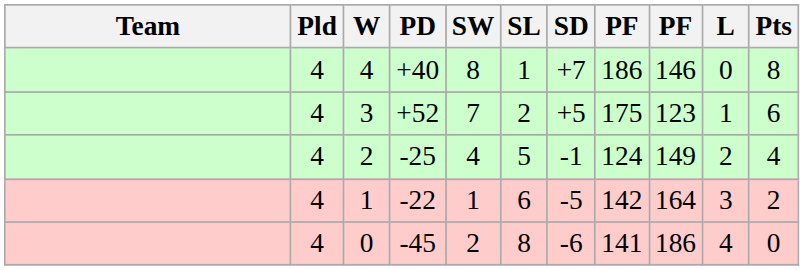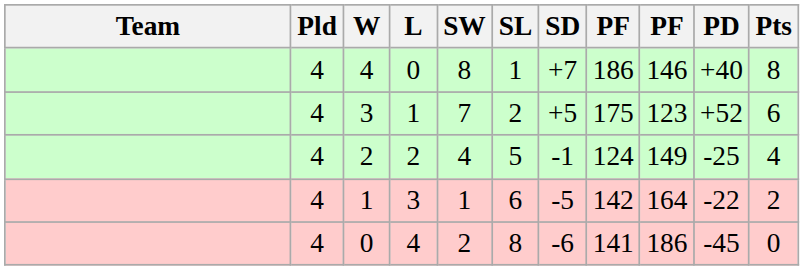 <table class="wikitable" style="text-align:center">
 <tr>
 <th width="160">Team</th>
 <th width="20">Pld</th>
 <th width="20">W</th>
-<th width="20">PD</th>
+<th width="20">L</th>
 <th width="20">SW</th>
 <th width="20">SL</th>
 <th width="20">SD</th>
 <th width="20">PF</th>
 <th width="20">PF</th>
-<th width="20">L</th>
+<th width="20">PD</th>
 <th width="20">Pts</th>
 </tr>
 <tr bgcolor="ccffcc">
 <td align="left"></td>
 <td>4</td>
 <td>4</td>
-<td>+40</td>
+<td>0</td>
 <td>8</td>
 <td>1</td>
 <td>+7</td>
 <td>186</td>
 <td>146</td>
-<td>0</td>
+<td>+40</td>
 <td>8</td>
 </tr>
 <tr bgcolor="ccffcc">
 <td align="left"></td>
 <td>4</td>
 <td>3</td>
-<td>+52</td>
+<td>1</td>
 <td>7</td>
 <td>2</td>
 <td>+5</td>
 <td>175</td>
 <td>123</td>
-<td>1</td>
+<td>+52</td>
 <td>6</td>
 </tr>
 <tr bgcolor="ccffcc">
 <td align="left"></td>
 <td>4</td>
 <td>2</td>
-<td>-25</td>
+<td>2</td>
 <td>4</td>
 <td>5</td>
 <td>-1</td>
 <td>124</td>
 <td>149</td>
-<td>2</td>
+<td>-25</td>
 <td>4</td>
 </tr>
 <tr bgcolor="ffcccc">
 <td align="left"></td>
 <td>4</td>
 <td>1</td>
-<td>-22</td>
+<td>3</td>
 <td>1</td>
 <td>6</td>
 <td>-5</td>
 <td>142</td>
 <td>164</td>
-<td>3</td>
+<td>-22</td>
 <td>2</td>
 </tr>
 <tr bgcolor="ffcccc">
 <td align="left"></td>
 <td>4</td>
 <td>0</td>
-<td>-45</td>
+<td>4</td>
 <td>2</td>
 <td>8</td>
 <td>-6</td>
 <td>141</td>
 <td>186</td>
-<td>4</td>
+<td>-45</td>
 <td>0</td>
 </tr>
 </table>
